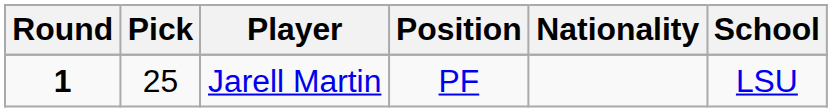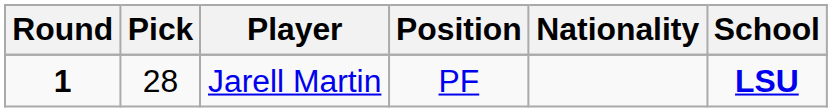 <table class="wikitable sortable sortable">
 <tr>
 <th>Round</th>
 <th>Pick</th>
 <th>Player</th>
 <th>Position</th>
 <th>Nationality</th>
 <th>School</th>
 </tr>
 <tr style="text-align: center">
 </tr>
 <tr style="text-align: center">
 <td><strong>1</strong></td>
-<td>25</td>
+<td>28</td>
 <td><a href='#'>Jarell Martin</a></td>
 <td><a href='#'>PF</a></td>
 <td></td>
-<td><a href='#'>LSU</a></td>
+<td><strong><a href='#'>LSU</a></strong></td>
 </tr>
 </table>
